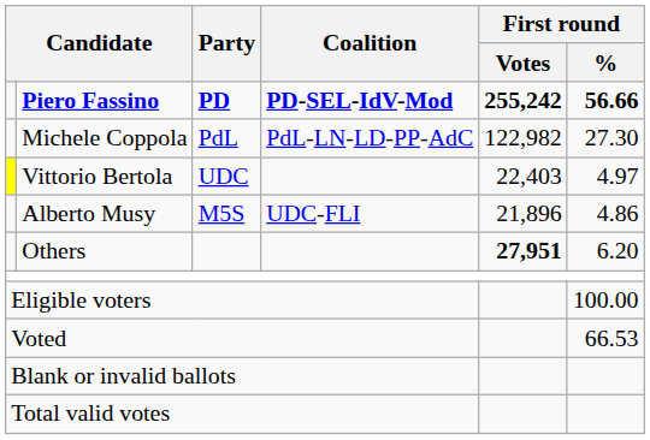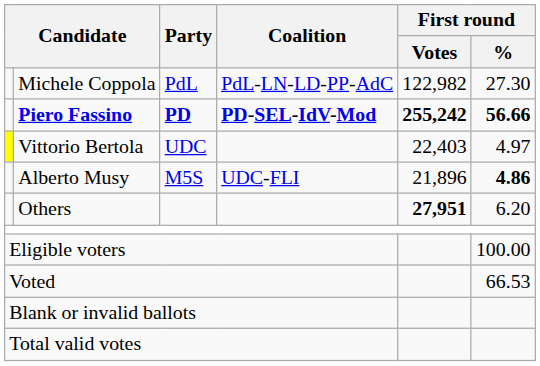 <table class="wikitable centre">
 <tr>
 <th scope="col" rowspan=2 colspan=2>Candidate</th>
 <th scope="col" rowspan=2 colspan=1>Party</th>
 <th scope="col" rowspan=2 colspan=1>Coalition</th>
 <th scope="col" colspan=2>First round</th>
 </tr>
 <tr>
 <th scope="col">Votes</th>
 <th scope="col">%</th>
 </tr>
 <tr>
 <td></td>
+<td>Michele Coppola</td>
+<td><a href='#'>PdL</a></td>
+<td><a href='#'>PdL</a>-<a href='#'>LN</a>-<a href='#'>LD</a>-<a href='#'>PP</a>-<a href='#'>AdC</a></td>
+<td style="text-align: right">122,982</td>
+<td style="text-align: right">27.30</td>
+</tr>
+<tr>
+<td></td>
 <td><strong><a href='#'>Piero Fassino</a></strong></td>
 <td><strong><a href='#'>PD</a></strong></td>
 <td><strong><a href='#'>PD</a>-<a href='#'>SEL</a>-<a href='#'>IdV</a>-<a href='#'>Mod</a></strong></td>
 <td style="text-align: right"><strong>255,242</strong></td>
 <td style="text-align: right"><strong>56.66</strong></td>
-</tr>
-<tr>
-<td></td>
-<td>Michele Coppola</td>
-<td><a href='#'>PdL</a></td>
-<td><a href='#'>PdL</a>-<a href='#'>LN</a>-<a href='#'>LD</a>-<a href='#'>PP</a>-<a href='#'>AdC</a></td>
-<td style="text-align: right">122,982</td>
-<td style="text-align: right">27.30</td>
 </tr>
 <tr>
 <td bgcolor="yellow"></td>
 <td>Vittorio Bertola</td>
 <td><a href='#'>UDC</a></td>
 <td></td>
 <td style="text-align: right">22,403</td>
 <td style="text-align: right">4.97</td>
 </tr>
 <tr>
 <td bgcolor=></td>
 <td>Alberto Musy</td>
 <td><a href='#'>M5S</a></td>
 <td><a href='#'>UDC</a>-<a href='#'>FLI</a></td>
 <td style="text-align: right">21,896</td>
-<td style="text-align: right">4.86</td>
+<td style="text-align: right"><strong>4.86</strong></td>
 </tr>
 <tr>
 <td bgcolor=""></td>
 <td>Others</td>
 <td></td>
 <td></td>
 <td style="text-align: right"><strong>27,951</strong></td>
 <td style="text-align: right">6.20</td>
 </tr>
 <tr bgcolor=white>
 <td colspan=6></td>
 </tr>
 <tr>
 <td colspan=4>Eligible voters</td>
 <td style="text-align: right"></td>
 <td style="text-align: right">100.00</td>
 </tr>
 <tr>
 <td colspan=4>Voted</td>
 <td style="text-align: right"></td>
 <td style="text-align: right">66.53</td>
 </tr>
 <tr>
 <td colspan=4>Blank or invalid ballots</td>
 <td style="text-align: right"></td>
 <td style="text-align: right"></td>
 </tr>
 <tr>
 <td colspan=4>Total valid votes</td>
 <td style="text-align: right"></td>
 <td style="text-align: right"></td>
 </tr>
 </table>
